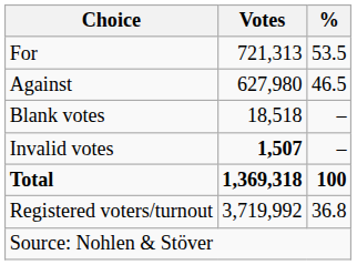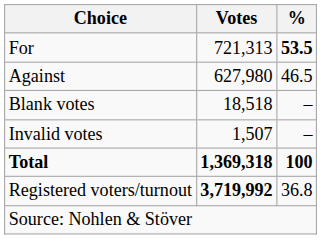 <table class=wikitable style=text-align:right>
 <tr>
 <th>Choice</th>
 <th>Votes</th>
 <th>%</th>
 </tr>
 <tr>
 <td align=left>For</td>
 <td>721,313</td>
-<td>53.5</td>
+<td><strong>53.5</strong></td>
 </tr>
 <tr>
 <td align=left>Against</td>
 <td>627,980</td>
 <td>46.5</td>
 </tr>
 <tr>
 <td align=left>Blank votes</td>
 <td>18,518</td>
 <td>–</td>
 </tr>
 <tr>
 <td align=left>Invalid votes</td>
-<td><strong>1,507</strong></td>
+<td>1,507</td>
 <td>–</td>
 </tr>
 <tr>
 <td align=left><strong>Total</strong></td>
 <td><strong>1,369,318</strong></td>
 <td><strong>100</strong></td>
 </tr>
 <tr>
 <td align=left>Registered voters/turnout</td>
-<td>3,719,992</td>
+<td><strong>3,719,992</strong></td>
 <td>36.8</td>
 </tr>
 <tr>
 <td align=left colspan=3>Source: Nohlen & Stöver</td>
 </tr>
 </table>
